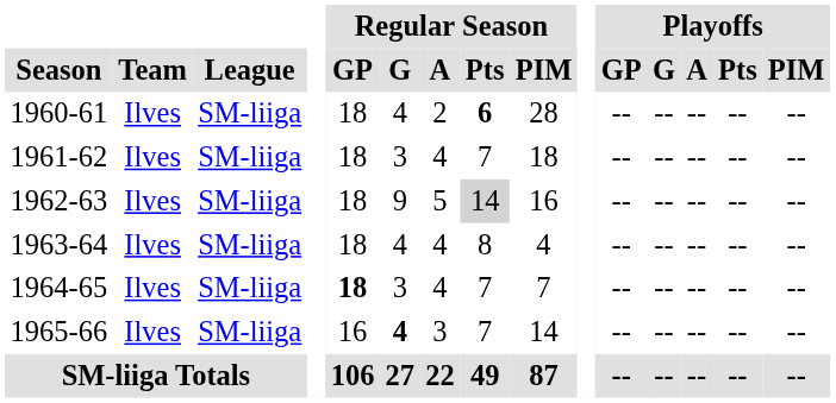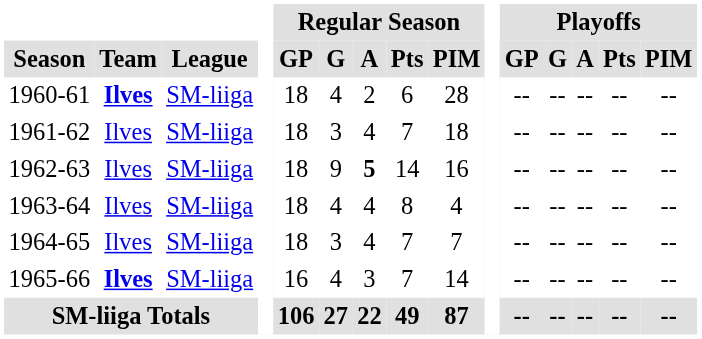 <table BORDER="0" CELLPADDING="3" CELLSPACING="0" ID="Table3">
 <tr ALIGN="center" bgcolor="#e0e0e0">
 <th ALIGN="center" colspan="3" bgcolor="#ffffff"> </th>
 <th ALIGN="center" rowspan="99" bgcolor="#ffffff"> </th>
 <th ALIGN="center" colspan="5">Regular Season</th>
 <th ALIGN="center" rowspan="99" bgcolor="#ffffff"> </th>
 <th ALIGN="center" colspan="5">Playoffs</th>
 </tr>
 <tr ALIGN="center" bgcolor="#e0e0e0">
 <th ALIGN="center">Season</th>
 <th ALIGN="center">Team</th>
 <th ALIGN="center">League</th>
 <th ALIGN="center">GP</th>
 <th ALIGN="center">G</th>
 <th ALIGN="center">A</th>
 <th ALIGN="center">Pts</th>
 <th ALIGN="center">PIM</th>
 <th ALIGN="center">GP</th>
 <th ALIGN="center">G</th>
 <th ALIGN="center">A</th>
 <th ALIGN="center">Pts</th>
 <th ALIGN="center">PIM</th>
 </tr>
 <tr ALIGN="center">
 <td ALIGN="center">1960-61</td>
-<td ALIGN="center"><a href='#'>Ilves</a></td>
+<td ALIGN="center"><strong><a href='#'>Ilves</a></strong></td>
 <td ALIGN="center"><a href='#'>SM-liiga</a></td>
 <td ALIGN="center">18</td>
 <td ALIGN="center">4</td>
 <td ALIGN="center">2</td>
-<td ALIGN="center"><strong>6</strong></td>
+<td ALIGN="center">6</td>
 <td ALIGN="center">28</td>
 <td ALIGN="center">--</td>
 <td ALIGN="center">--</td>
 <td ALIGN="center">--</td>
 <td ALIGN="center">--</td>
 <td ALIGN="center">--</td>
 </tr>
 <tr ALIGN="center">
 <td ALIGN="center">1961-62</td>
 <td ALIGN="center"><a href='#'>Ilves</a></td>
 <td ALIGN="center"><a href='#'>SM-liiga</a></td>
 <td ALIGN="center">18</td>
 <td ALIGN="center">3</td>
 <td ALIGN="center">4</td>
 <td ALIGN="center">7</td>
 <td ALIGN="center">18</td>
 <td ALIGN="center">--</td>
 <td ALIGN="center">--</td>
 <td ALIGN="center">--</td>
 <td ALIGN="center">--</td>
 <td ALIGN="center">--</td>
 </tr>
 <tr ALIGN="center">
 <td ALIGN="center">1962-63</td>
 <td ALIGN="center"><a href='#'>Ilves</a></td>
 <td ALIGN="center"><a href='#'>SM-liiga</a></td>
 <td ALIGN="center">18</td>
 <td ALIGN="center">9</td>
-<td ALIGN="center">5</td>
-<td ALIGN="center" style="background: lightgrey;">14</td>
+<td ALIGN="center"><strong>5</strong></td>
+<td ALIGN="center">14</td>
 <td ALIGN="center">16</td>
 <td ALIGN="center">--</td>
 <td ALIGN="center">--</td>
 <td ALIGN="center">--</td>
 <td ALIGN="center">--</td>
 <td ALIGN="center">--</td>
 </tr>
 <tr ALIGN="center">
 <td ALIGN="center">1963-64</td>
 <td ALIGN="center"><a href='#'>Ilves</a></td>
 <td ALIGN="center"><a href='#'>SM-liiga</a></td>
 <td ALIGN="center">18</td>
 <td ALIGN="center">4</td>
 <td ALIGN="center">4</td>
 <td ALIGN="center">8</td>
 <td ALIGN="center">4</td>
 <td ALIGN="center">--</td>
 <td ALIGN="center">--</td>
 <td ALIGN="center">--</td>
 <td ALIGN="center">--</td>
 <td ALIGN="center">--</td>
 </tr>
 <tr ALIGN="center">
 <td ALIGN="center">1964-65</td>
 <td ALIGN="center"><a href='#'>Ilves</a></td>
 <td ALIGN="center"><a href='#'>SM-liiga</a></td>
-<td ALIGN="center"><strong>18</strong></td>
+<td ALIGN="center">18</td>
 <td ALIGN="center">3</td>
 <td ALIGN="center">4</td>
 <td ALIGN="center">7</td>
 <td ALIGN="center">7</td>
 <td ALIGN="center">--</td>
 <td ALIGN="center">--</td>
 <td ALIGN="center">--</td>
 <td ALIGN="center">--</td>
 <td ALIGN="center">--</td>
 </tr>
 <tr ALIGN="center">
 <td ALIGN="center">1965-66</td>
-<td ALIGN="center"><a href='#'>Ilves</a></td>
+<td ALIGN="center"><strong><a href='#'>Ilves</a></strong></td>
 <td ALIGN="center"><a href='#'>SM-liiga</a></td>
 <td ALIGN="center">16</td>
-<td ALIGN="center"><strong>4</strong></td>
+<td ALIGN="center">4</td>
 <td ALIGN="center">3</td>
 <td ALIGN="center">7</td>
 <td ALIGN="center">14</td>
 <td ALIGN="center">--</td>
 <td ALIGN="center">--</td>
 <td ALIGN="center">--</td>
 <td ALIGN="center">--</td>
 <td ALIGN="center">--</td>
 </tr>
 <tr ALIGN="center" bgcolor="#e0e0e0">
 <th colspan="3">SM-liiga Totals</th>
 <th ALIGN="center">106</th>
 <th ALIGN="center">27</th>
 <th ALIGN="center">22</th>
 <th ALIGN="center">49</th>
 <th ALIGN="center">87</th>
 <th ALIGN="center">--</th>
 <th ALIGN="center">--</th>
 <th ALIGN="center">--</th>
 <th ALIGN="center">--</th>
 <th ALIGN="center">--</th>
 </tr>
 </table>
